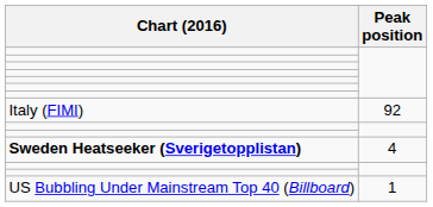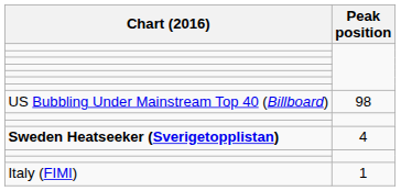 <table class="wikitable sortable plainrowheaders" style="text-align:left">
 <tr>
 <th>Chart (2016)</th>
 <th>Peak<br>position</th>
 </tr>
 <tr>
 <td></td>
 </tr>
 <tr>
 <td></td>
 </tr>
 <tr>
 <td></td>
 </tr>
 <tr>
 <td></td>
 </tr>
 <tr>
 <td></td>
 </tr>
 <tr>
 <td></td>
 </tr>
 <tr>
 <td></td>
 </tr>
 <tr>
-<td scope="row">Italy (<a href='#'>FIMI</a>)</td>
-<td style="text-align:center">92</td>
+<td scope="row">US <a href='#'>Bubbling Under Mainstream Top 40</a> (<em><a href='#'>Billboard</a></em>)</td>
+<td style="text-align:center">98</td>
 </tr>
 <tr>
 <td></td>
 </tr>
 <tr>
 <td></td>
 </tr>
 <tr>
 <td scope="row"><strong>Sweden Heatseeker (<a href='#'>Sverigetopplistan</a>)</strong></td>
 <td style="text-align:center">4</td>
 </tr>
 <tr>
 <td></td>
 </tr>
 <tr>
 <td></td>
 </tr>
 <tr>
-<td scope="row">US <a href='#'>Bubbling Under Mainstream Top 40</a> (<em><a href='#'>Billboard</a></em>)</td>
+<td scope="row">Italy (<a href='#'>FIMI</a>)</td>
 <td align="center">1</td>
 </tr>
 </table>
